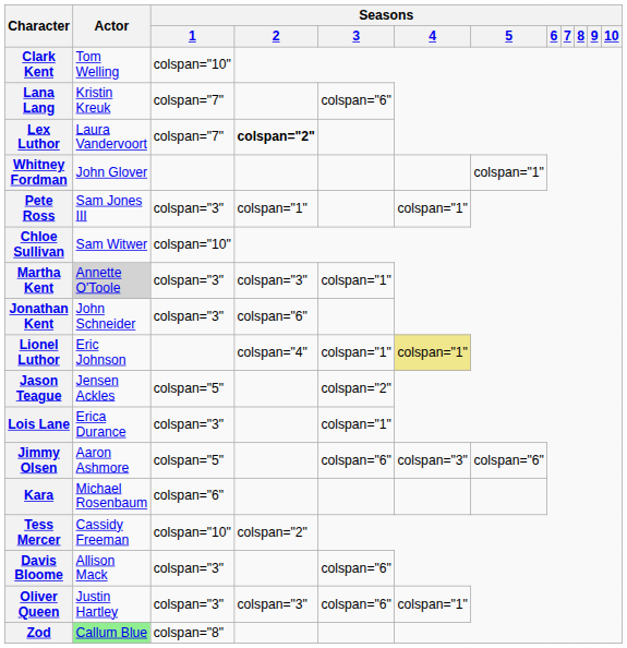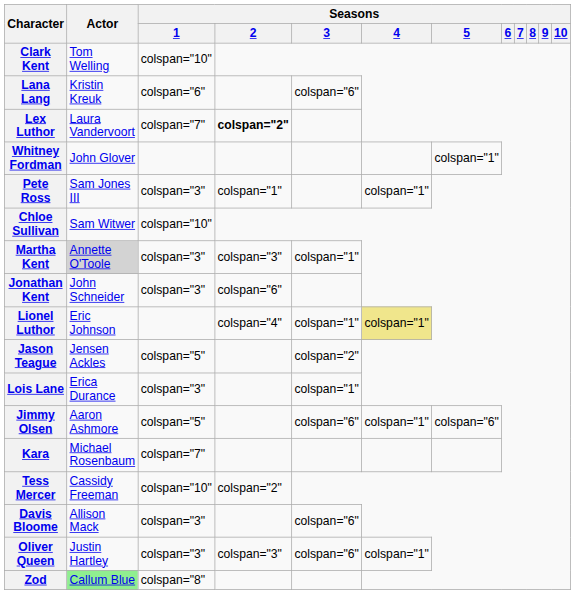 <table class="wikitable" width=99%>
 <tr>
 <th style="width:10%;" rowspan="2">Character</th>
 <th style="width:10%;" rowspan="2">Actor</th>
 <th colspan="10">Seasons</th>
 </tr>
 <tr>
 <th style="width:6%;"><a href='#'>1</a></th>
 <th style="width:6%;"><a href='#'>2</a></th>
 <th style="width:6%;"><a href='#'>3</a></th>
 <th style="width:6%;"><a href='#'>4</a></th>
 <th style="width:6%;"><a href='#'>5</a></th>
 <th style="width:6%;"><a href='#'>6</a></th>
 <th style="width:6%;"><a href='#'>7</a></th>
 <th style="width:6%;"><a href='#'>8</a></th>
 <th style="width:6%;"><a href='#'>9</a></th>
 <th style="width:6%;"><a href='#'>10</a></th>
 </tr>
 <tr>
 <th scope=row><a href='#'>Clark Kent</a></th>
 <td><a href='#'>Tom Welling</a></td>
 <td>colspan="10" </td>
 </tr>
 <tr>
 <th scope=row><a href='#'>Lana Lang</a></th>
 <td><a href='#'>Kristin Kreuk</a></td>
-<td>colspan="7" </td>
+<td>colspan="6" </td>
 <td></td>
 <td>colspan="6" </td>
 </tr>
 <tr>
 <th scope=row><a href='#'>Lex Luthor</a></th>
 <td><a href='#'>Laura Vandervoort</a></td>
 <td>colspan="7" </td>
 <td><strong>colspan="2" </strong></td>
 <td></td>
 </tr>
 <tr>
 <th scope=row><a href='#'>Whitney Fordman</a></th>
 <td><a href='#'>John Glover</a></td>
 <td></td>
 <td></td>
 <td></td>
 <td></td>
 <td>colspan="1" </td>
 </tr>
 <tr>
 <th scope=row><a href='#'>Pete Ross</a></th>
 <td><a href='#'>Sam Jones III</a></td>
 <td>colspan="3" </td>
 <td>colspan="1" </td>
 <td></td>
 <td>colspan="1" </td>
 </tr>
 <tr>
 <th scope=row><a href='#'>Chloe Sullivan</a></th>
 <td><a href='#'>Sam Witwer</a></td>
 <td>colspan="10" </td>
 </tr>
 <tr>
 <th scope=row><a href='#'>Martha Kent</a></th>
 <td style="background: lightgrey;"><a href='#'>Annette O'Toole</a></td>
 <td>colspan="3" </td>
 <td>colspan="3" </td>
 <td>colspan="1" </td>
 </tr>
 <tr>
 <th scope=row><a href='#'>Jonathan Kent</a></th>
 <td><a href='#'>John Schneider</a></td>
 <td>colspan="3" </td>
 <td>colspan="6" </td>
 <td></td>
 </tr>
 <tr>
 <th scope=row><a href='#'>Lionel Luthor</a></th>
 <td><a href='#'>Eric Johnson</a></td>
 <td></td>
 <td>colspan="4" </td>
 <td>colspan="1" </td>
 <td style="background: khaki;">colspan="1" </td>
 </tr>
 <tr>
 <th scope=row><a href='#'>Jason Teague</a></th>
 <td><a href='#'>Jensen Ackles</a></td>
 <td>colspan="5" </td>
 <td></td>
 <td>colspan="2" </td>
 </tr>
 <tr>
 <th scope=row><a href='#'>Lois Lane</a></th>
 <td><a href='#'>Erica Durance</a></td>
 <td>colspan="3" </td>
 <td></td>
 <td>colspan="1" </td>
 </tr>
 <tr>
 <th scope=row><a href='#'>Jimmy Olsen</a></th>
 <td><a href='#'>Aaron Ashmore</a></td>
 <td>colspan="5" </td>
 <td></td>
 <td>colspan="6" </td>
-<td>colspan="3" </td>
+<td>colspan="1" </td>
 <td>colspan="6" </td>
 </tr>
 <tr>
 <th scope=row><a href='#'>Kara</a></th>
 <td><a href='#'>Michael Rosenbaum</a></td>
-<td>colspan="6" </td>
+<td>colspan="7" </td>
 <td></td>
 <td></td>
 <td></td>
 <td></td>
 </tr>
 <tr>
 <th scope=row><a href='#'>Tess Mercer</a></th>
 <td><a href='#'>Cassidy Freeman</a></td>
 <td>colspan="10" </td>
 <td>colspan="2" </td>
 </tr>
 <tr>
 <th scope=row><a href='#'>Davis Bloome</a></th>
 <td><a href='#'>Allison Mack</a></td>
 <td>colspan="3" </td>
 <td></td>
 <td>colspan="6" </td>
 </tr>
 <tr>
 <th scope=row><a href='#'>Oliver Queen</a></th>
 <td><a href='#'>Justin Hartley</a></td>
 <td>colspan="3" </td>
 <td>colspan="3" </td>
 <td>colspan="6" </td>
 <td>colspan="1" </td>
 </tr>
 <tr>
 <th scope=row><a href='#'>Zod</a></th>
 <td style="background: lightgreen;"><a href='#'>Callum Blue</a></td>
 <td>colspan="8" </td>
 <td></td>
 <td></td>
 </tr>
 </table>
